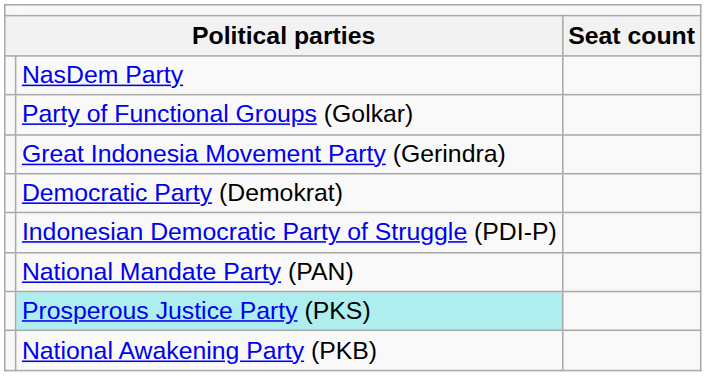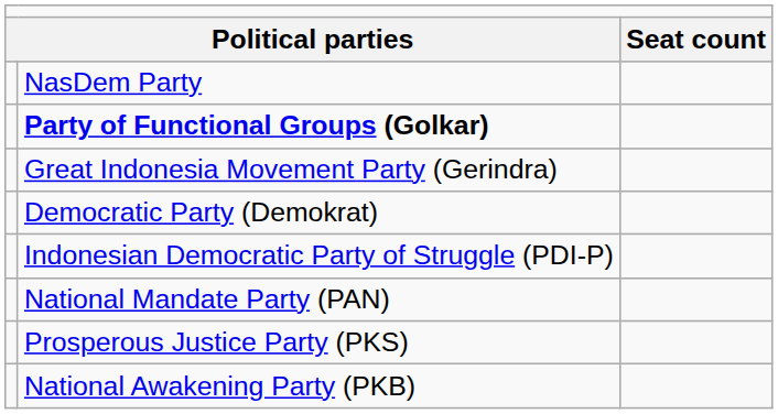 <table class="wikitable">
 <tr>
 <td colspan="4"></td>
 </tr>
 <tr>
 <th colspan="2">Political parties</th>
 <th>Seat count</th>
 </tr>
 <tr>
 <td bgcolor=></td>
 <td><a href='#'>NasDem Party</a></td>
 <td></td>
 </tr>
 <tr>
 <td bgcolor=></td>
-<td><a href='#'>Party of Functional Groups</a> (Golkar)</td>
+<td><strong><a href='#'>Party of Functional Groups</a> (Golkar)</strong></td>
 <td></td>
 </tr>
 <tr>
 <td bgcolor=></td>
 <td><a href='#'>Great Indonesia Movement Party</a> (Gerindra)</td>
 <td></td>
 </tr>
 <tr>
 <td bgcolor=></td>
 <td><a href='#'>Democratic Party</a> (Demokrat)</td>
 <td></td>
 </tr>
 <tr>
 <td bgcolor=></td>
 <td><a href='#'>Indonesian Democratic Party of Struggle</a> (PDI-P)</td>
 <td></td>
 </tr>
 <tr>
 <td bgcolor=></td>
 <td><a href='#'>National Mandate Party</a> (PAN)</td>
 <td></td>
 </tr>
 <tr>
 <td bgcolor=></td>
-<td style="background: paleturquoise;"><a href='#'>Prosperous Justice Party</a> (PKS)</td>
+<td><a href='#'>Prosperous Justice Party</a> (PKS)</td>
 <td></td>
 </tr>
 <tr>
 <td bgcolor=></td>
 <td><a href='#'>National Awakening Party</a> (PKB)</td>
 <td></td>
 </tr>
 </table>
